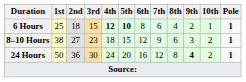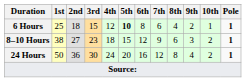 <table class="wikitable" style="font-size:90%; text-align:center;">
 <tr>
 <th>Duration</th>
 <th>1st</th>
 <th>2nd</th>
 <th>3rd</th>
 <th>4th</th>
 <th>5th</th>
 <th>6th</th>
 <th>7th</th>
 <th>8th</th>
 <th>9th</th>
 <th>10th</th>
 <th>Pole</th>
 </tr>
 <tr>
 <th>6 Hours</th>
 <td style="background:#ffffbf;">25</td>
 <td style="background:#dfdfdf;">18</td>
 <td style="background:#ffdf9f;">15</td>
-<td style="background:#dfffdf;"><strong>12</strong></td>
+<td style="background:#dfffdf;">12</td>
 <td style="background:#dfffdf;"><strong>10</strong></td>
 <td style="background:#dfffdf;">8</td>
 <td style="background:#dfffdf;">6</td>
 <td style="background:#dfffdf;">4</td>
 <td style="background:#dfffdf;">2</td>
 <td style="background:#dfffdf;">1</td>
 <td><strong>1</strong></td>
 </tr>
 <tr>
 <th>8–10 Hours</th>
 <td style="background:#ffffbf;">38</td>
 <td style="background:#dfdfdf;">27</td>
 <td style="background:#ffdf9f;">23</td>
 <td style="background:#dfffdf;">18</td>
 <td style="background:#dfffdf;">15</td>
 <td style="background:#dfffdf;">12</td>
 <td style="background:#dfffdf;">9</td>
 <td style="background:#dfffdf;">6</td>
 <td style="background:#dfffdf;">3</td>
 <td style="background:#dfffdf;">2</td>
 <td><strong>1</strong></td>
 </tr>
 <tr>
 <th>24 Hours</th>
 <td style="background:#ffffbf;">50</td>
 <td style="background:#dfdfdf;">36</td>
 <td style="background:#ffdf9f;">30</td>
 <td style="background:#dfffdf;">24</td>
 <td style="background:#dfffdf;">20</td>
 <td style="background:#dfffdf;">16</td>
 <td style="background:#dfffdf;">12</td>
 <td style="background:#dfffdf;">8</td>
-<td style="background:#dfffdf;"><strong>4</strong></td>
+<td style="background:#dfffdf;">4</td>
 <td style="background:#dfffdf;">2</td>
 <td><strong>1</strong></td>
 </tr>
 <tr class="sortbottom">
 <td colspan="12" style="background-color:#EAECF0;text-align:center"><strong>Source:</strong></td>
 </tr>
 </table>
